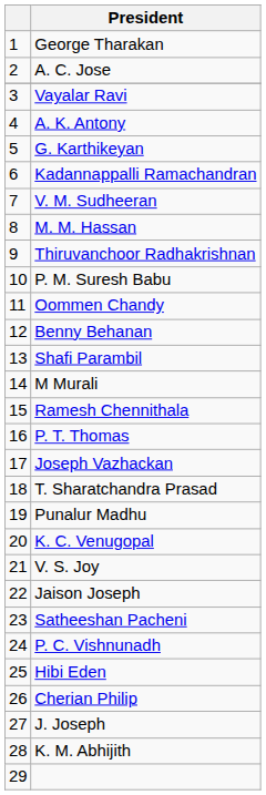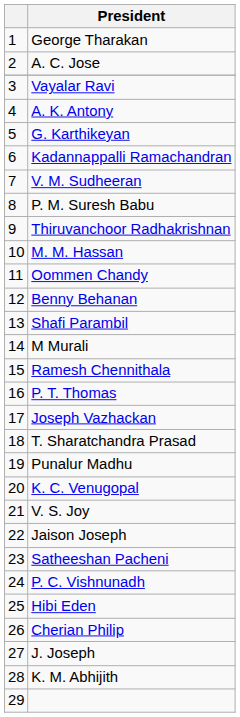 <table class ="wikitable">
 <tr>
 <th></th>
 <th>President</th>
 </tr>
 <tr>
 <td>1</td>
 <td>George Tharakan</td>
 </tr>
 <tr>
 <td>2</td>
 <td>A. C. Jose</td>
 </tr>
 <tr>
 </tr>
 <tr>
 <td>3</td>
 <td><a href='#'>Vayalar Ravi</a></td>
 </tr>
 <tr>
 <td>4</td>
 <td><a href='#'>A. K. Antony</a></td>
 </tr>
 <tr>
 <td>5</td>
 <td><a href='#'>G. Karthikeyan</a></td>
 </tr>
 <tr>
 <td>6</td>
 <td><a href='#'>Kadannappalli Ramachandran</a></td>
 </tr>
 <tr>
 <td>7</td>
 <td><a href='#'>V. M. Sudheeran</a></td>
 </tr>
 <tr>
 <td>8</td>
-<td><a href='#'>M. M. Hassan</a></td>
+<td>P. M. Suresh Babu</td>
 </tr>
 <tr>
 <td>9</td>
 <td><a href='#'>Thiruvanchoor Radhakrishnan</a></td>
 </tr>
 <tr>
 <td>10</td>
-<td>P. M. Suresh Babu</td>
+<td><a href='#'>M. M. Hassan</a></td>
 </tr>
 <tr>
 <td>11</td>
 <td><a href='#'>Oommen Chandy</a></td>
 </tr>
 <tr>
 <td>12</td>
 <td><a href='#'>Benny Behanan</a></td>
 </tr>
 <tr>
 <td>13</td>
 <td><a href='#'>Shafi Parambil</a></td>
 </tr>
 <tr>
 <td>14</td>
 <td>M Murali</td>
 </tr>
 <tr>
 <td>15</td>
 <td><a href='#'>Ramesh Chennithala</a></td>
 </tr>
 <tr>
 <td>16</td>
 <td><a href='#'>P. T. Thomas</a></td>
 </tr>
 <tr>
 <td>17</td>
 <td><a href='#'>Joseph Vazhackan</a></td>
 </tr>
 <tr>
 <td>18</td>
 <td>T. Sharatchandra Prasad</td>
 </tr>
 <tr>
 <td>19</td>
 <td>Punalur Madhu</td>
 </tr>
 <tr>
 <td>20</td>
 <td><a href='#'>K. C. Venugopal</a></td>
 </tr>
 <tr>
 <td>21</td>
 <td>V. S. Joy</td>
 </tr>
 <tr>
 <td>22</td>
 <td>Jaison Joseph</td>
 </tr>
 <tr>
 <td>23</td>
 <td><a href='#'>Satheeshan Pacheni</a></td>
 </tr>
 <tr>
 <td>24</td>
 <td><a href='#'>P. C. Vishnunadh</a></td>
 </tr>
 <tr>
 <td>25</td>
 <td><a href='#'>Hibi Eden</a></td>
 </tr>
 <tr>
 <td>26</td>
 <td><a href='#'>Cherian Philip</a></td>
 </tr>
 <tr>
 <td>27</td>
 <td>J. Joseph</td>
 </tr>
 <tr>
 <td>28</td>
 <td>K. M. Abhijith</td>
 </tr>
 <tr>
 <td>29</td>
 <td></td>
 </tr>
 </table>
